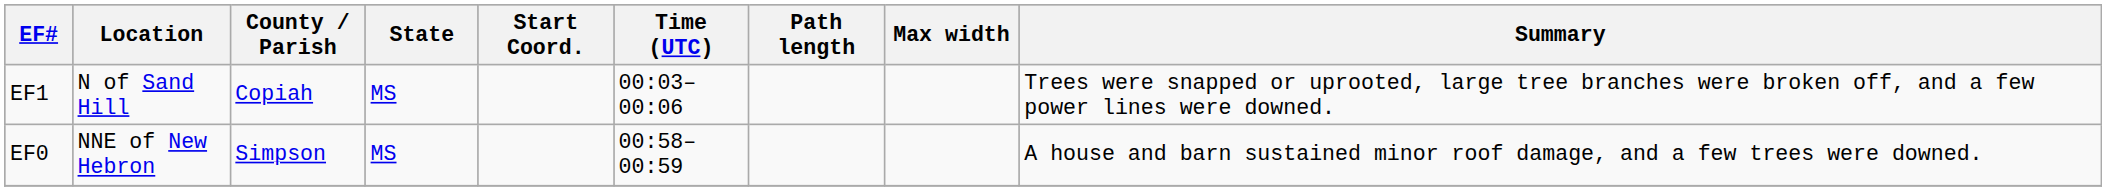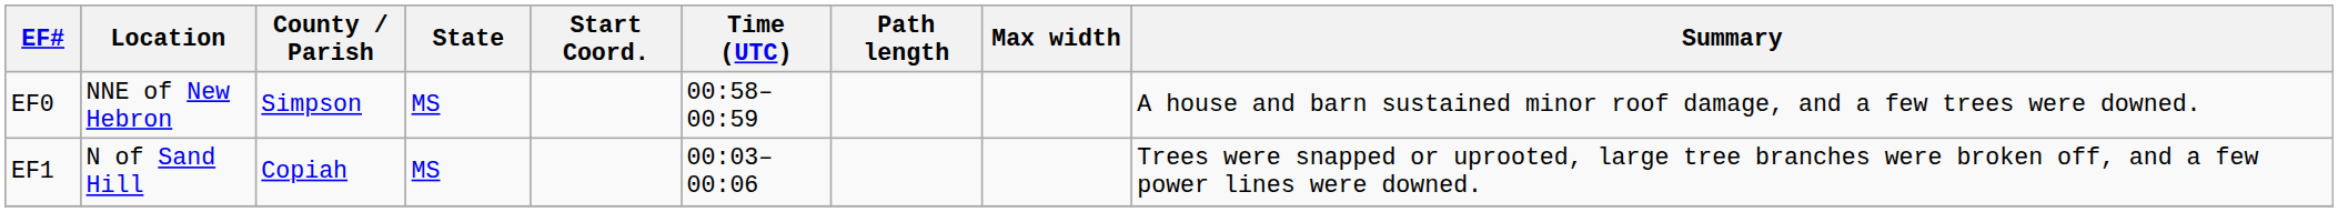 <table class="wikitable sortable" style="width:100%;">
 <tr>
 <th scope="col"  style="width:3%; text-align:center;"><a href='#'>EF#</a></th>
 <th scope="col"  style="width:7%; text-align:center;" class="unsortable">Location</th>
 <th scope="col"  style="width:6%; text-align:center;" class="unsortable">County / Parish</th>
 <th scope="col"  style="width:5%; text-align:center;">State</th>
 <th scope="col"  style="width:6%; text-align:center;">Start Coord.</th>
 <th scope="col"  style="width:6%; text-align:center;">Time (<a href='#'>UTC</a>)</th>
 <th scope="col"  style="width:6%; text-align:center;">Path length</th>
 <th scope="col"  style="width:6%; text-align:center;">Max width</th>
 <th scope="col" class="unsortable" style="width:48%; text-align:center;">Summary</th>
 </tr>
 <tr>
+<td>EF0</td>
+<td>NNE of <a href='#'>New Hebron</a></td>
+<td><a href='#'>Simpson</a></td>
+<td><a href='#'>MS</a></td>
+<td></td>
+<td>00:58–00:59</td>
+<td></td>
+<td></td>
+<td>A house and barn sustained minor roof damage, and a few trees were downed.</td>
+</tr>
+<tr>
 <td>EF1</td>
 <td>N of <a href='#'>Sand Hill</a></td>
 <td><a href='#'>Copiah</a></td>
 <td><a href='#'>MS</a></td>
 <td></td>
 <td>00:03–00:06</td>
 <td></td>
 <td></td>
 <td>Trees were snapped or uprooted, large tree branches were broken off, and a few power lines were downed.</td>
 </tr>
 <tr>
-<td>EF0</td>
-<td>NNE of <a href='#'>New Hebron</a></td>
-<td><a href='#'>Simpson</a></td>
-<td><a href='#'>MS</a></td>
-<td></td>
-<td>00:58–00:59</td>
-<td></td>
-<td></td>
-<td>A house and barn sustained minor roof damage, and a few trees were downed.</td>
-</tr>
-<tr>
 </tr>
 </table>
